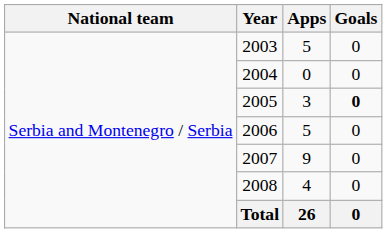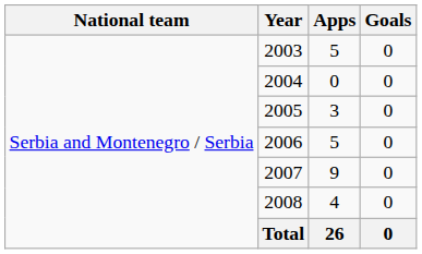 <table class="wikitable" style="text-align:center">
 <tr>
 <th>National team</th>
 <th>Year</th>
 <th>Apps</th>
 <th>Goals</th>
 </tr>
 <tr>
 <td rowspan="7"><a href='#'>Serbia and Montenegro</a> / <a href='#'>Serbia</a></td>
 <td>2003</td>
 <td>5</td>
 <td>0</td>
 </tr>
 <tr>
 <td>2004</td>
 <td>0</td>
 <td>0</td>
 </tr>
 <tr>
 <td>2005</td>
 <td>3</td>
-<td><strong>0</strong></td>
+<td>0</td>
 </tr>
 <tr>
 <td>2006</td>
 <td>5</td>
 <td>0</td>
 </tr>
 <tr>
 <td>2007</td>
 <td>9</td>
 <td>0</td>
 </tr>
 <tr>
 <td>2008</td>
 <td>4</td>
 <td>0</td>
 </tr>
 <tr>
 <th>Total</th>
 <th>26</th>
 <th>0</th>
 </tr>
 </table>
